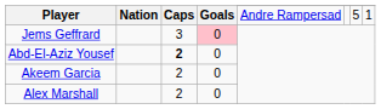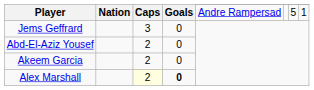 <table class="wikitable sortable" style="text-align: center">
 <tr>
 <th scope="col" rowspan=2 class="unsortable">Player</th>
 <th scope="col" rowspan=2 class="unsortable">Nation</th>
 <th scope="col" rowspan=2>Caps</th>
 <th scope="col" rowspan=2>Goals</th>
 </tr>
 <tr>
 <td><a href='#'>Andre Rampersad</a></td>
 <td align-"left"></td>
 <td>5</td>
 <td>1</td>
 </tr>
 <tr>
 <td><a href='#'>Jems Geffrard</a></td>
 <td align-"left"></td>
 <td>3</td>
-<td style="background: pink;">0</td>
+<td>0</td>
 </tr>
 <tr>
 <td><a href='#'>Abd-El-Aziz Yousef</a></td>
 <td align="left"></td>
-<td><strong>2</strong></td>
+<td>2</td>
 <td>0</td>
 </tr>
 <tr>
 <td><a href='#'>Akeem Garcia</a></td>
 <td align="left"></td>
 <td>2</td>
 <td>0</td>
 </tr>
 <tr>
 <td><a href='#'>Alex Marshall</a></td>
 <td align="left"></td>
-<td>2</td>
-<td>0</td>
+<td style="background: lightyellow;">2</td>
+<td><strong>0</strong></td>
 </tr>
 </table>
